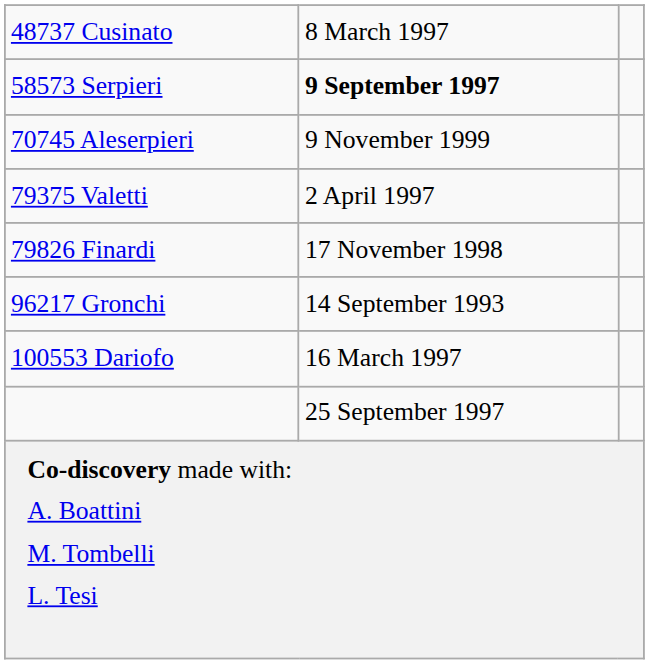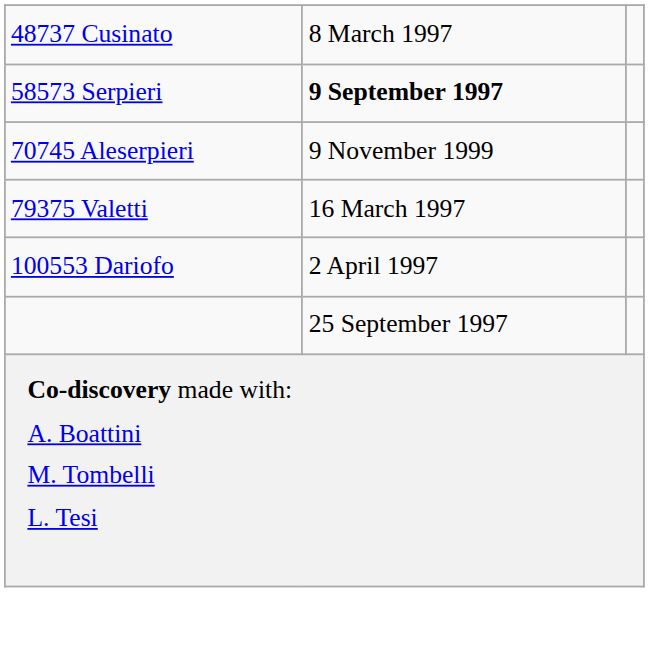 <table class="wikitable" style="font-size: 89%; float: left; width: 25em; margin-right: 1em; line-height: 1.65em !important; height: 324px;">
 <tr>
 <td><a href='#'>48737 Cusinato</a></td>
 <td>8 March 1997</td>
 <td></td>
 </tr>
 <tr>
 <td><a href='#'>58573 Serpieri</a></td>
 <td><strong>9 September 1997</strong></td>
 <td></td>
 </tr>
 <tr>
 <td><a href='#'>70745 Aleserpieri</a></td>
 <td>9 November 1999</td>
 <td></td>
 </tr>
 <tr>
 <td><a href='#'>79375 Valetti</a></td>
-<td>2 April 1997</td>
+<td>16 March 1997</td>
 <td></td>
 </tr>
 <tr>
-<td><a href='#'>79826 Finardi</a></td>
-<td>17 November 1998</td>
-<td></td>
-</tr>
-<tr>
-<td><a href='#'>96217 Gronchi</a></td>
-<td>14 September 1993</td>
-<td> </td>
-</tr>
-<tr>
 <td><a href='#'>100553 Dariofo</a></td>
-<td>16 March 1997</td>
+<td>2 April 1997</td>
 <td></td>
 </tr>
 <tr>
 <td></td>
 <td>25 September 1997</td>
 <td></td>
 </tr>
 <tr>
 <th colspan=3 style="font-weight: normal; text-align: left; padding: 4px 0 22px 12px;"><strong>Co-discovery</strong> made with:<br> <a href='#'>A. Boattini</a><br> <a href='#'>M. Tombelli</a><br> <a href='#'>L. Tesi</a></th>
 </tr>
 </table>
